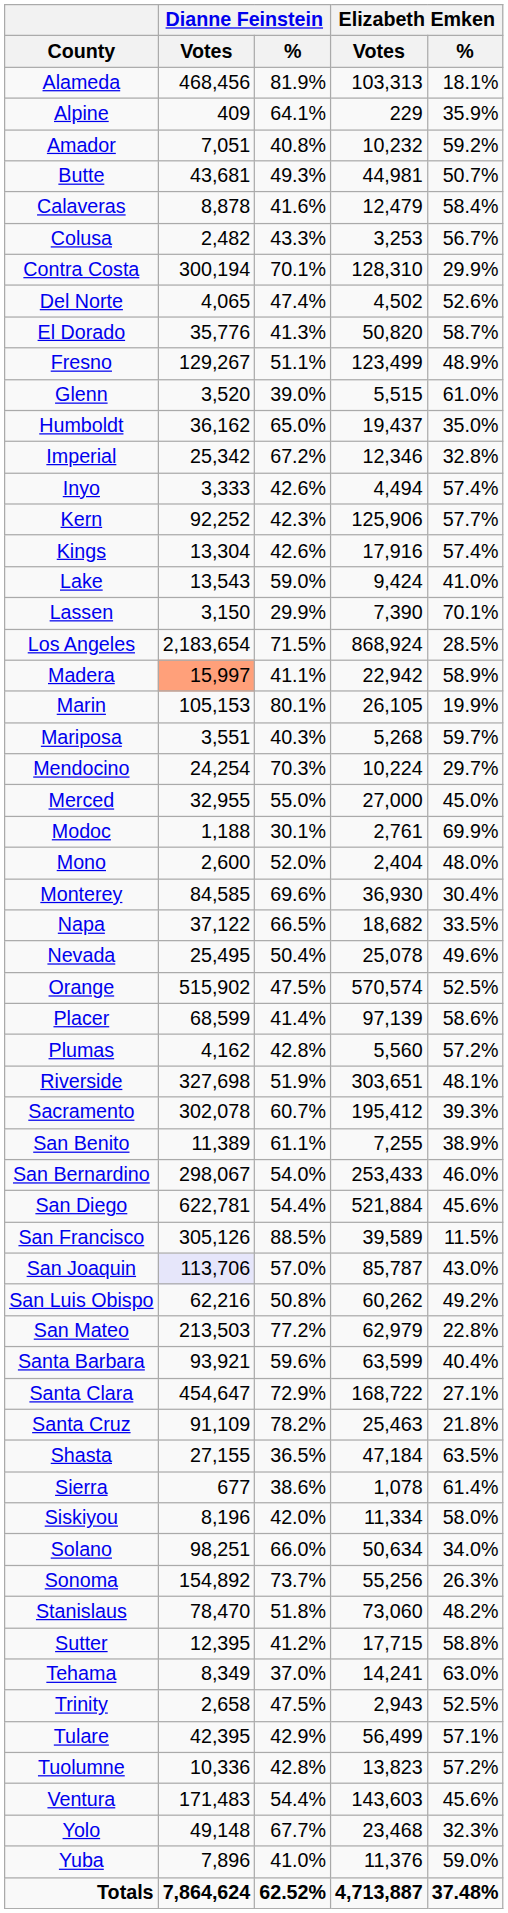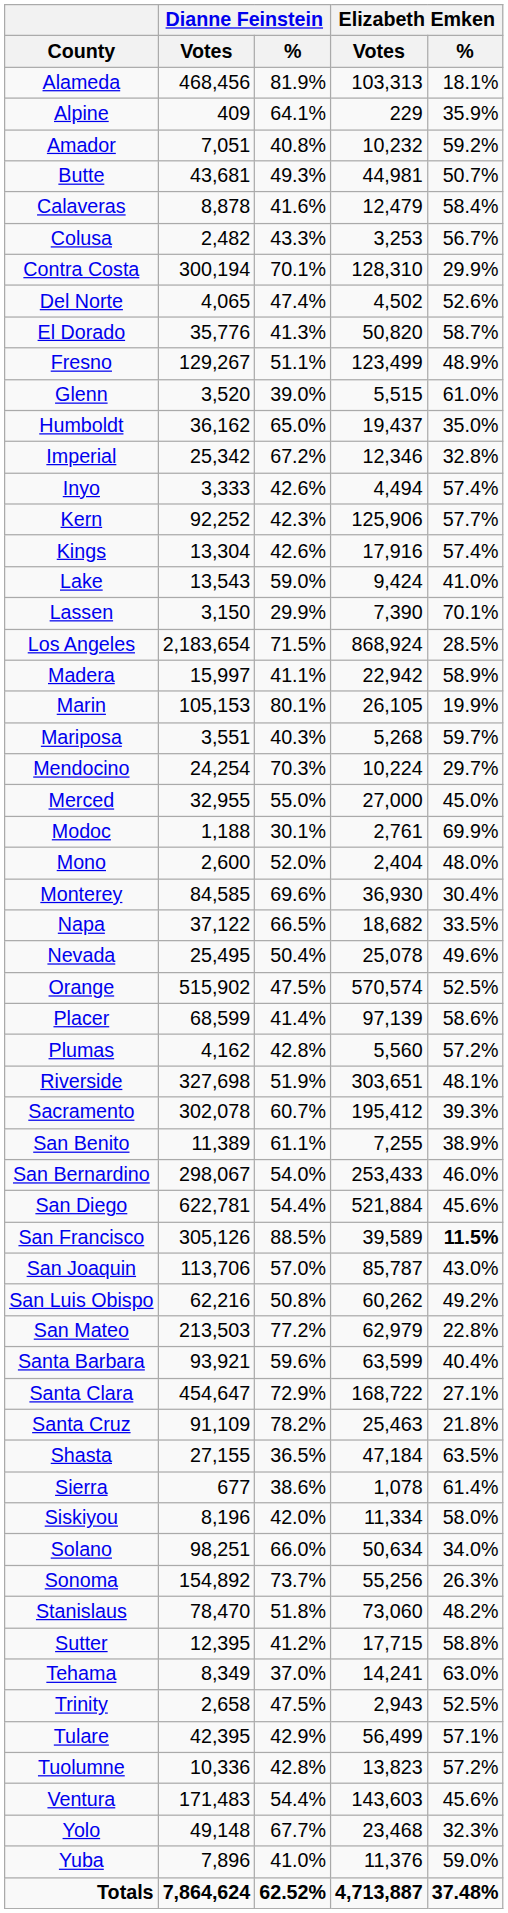 <table class="wikitable sortable" style="text-align:right">
 <tr>
 <th colspan=1></th>
 <th style="text-align:center;" colspan="2"><a href='#'>Dianne Feinstein</a></th>
 <th style="text-align:center;" colspan="2">Elizabeth Emken</th>
 </tr>
 <tr>
 <th align=center>County</th>
 <th style="text-align:center;" data-sort-type="number">Votes</th>
 <th style="text-align:center;" data-sort-type="number">%</th>
 <th style="text-align:center;" data-sort-type="number">Votes</th>
 <th style="text-align:center;" data-sort-type="number">%</th>
 </tr>
 <tr>
 <td align="center" ><a href='#'>Alameda</a></td>
 <td>468,456</td>
 <td>81.9%</td>
 <td>103,313</td>
 <td>18.1%</td>
 </tr>
 <tr>
 <td align="center" ><a href='#'>Alpine</a></td>
 <td>409</td>
 <td>64.1%</td>
 <td>229</td>
 <td>35.9%</td>
 </tr>
 <tr>
 <td align="center" ><a href='#'>Amador</a></td>
 <td>7,051</td>
 <td>40.8%</td>
 <td>10,232</td>
 <td>59.2%</td>
 </tr>
 <tr>
 <td align="center" ><a href='#'>Butte</a></td>
 <td>43,681</td>
 <td>49.3%</td>
 <td>44,981</td>
 <td>50.7%</td>
 </tr>
 <tr>
 <td align="center" ><a href='#'>Calaveras</a></td>
 <td>8,878</td>
 <td>41.6%</td>
 <td>12,479</td>
 <td>58.4%</td>
 </tr>
 <tr>
 <td align="center" ><a href='#'>Colusa</a></td>
 <td>2,482</td>
 <td>43.3%</td>
 <td>3,253</td>
 <td>56.7%</td>
 </tr>
 <tr>
 <td align="center" ><a href='#'>Contra Costa</a></td>
 <td>300,194</td>
 <td>70.1%</td>
 <td>128,310</td>
 <td>29.9%</td>
 </tr>
 <tr>
 <td align="center" ><a href='#'>Del Norte</a></td>
 <td>4,065</td>
 <td>47.4%</td>
 <td>4,502</td>
 <td>52.6%</td>
 </tr>
 <tr>
 <td align="center" ><a href='#'>El Dorado</a></td>
 <td>35,776</td>
 <td>41.3%</td>
 <td>50,820</td>
 <td>58.7%</td>
 </tr>
 <tr>
 <td align="center" ><a href='#'>Fresno</a></td>
 <td>129,267</td>
 <td>51.1%</td>
 <td>123,499</td>
 <td>48.9%</td>
 </tr>
 <tr>
 <td align="center" ><a href='#'>Glenn</a></td>
 <td>3,520</td>
 <td>39.0%</td>
 <td>5,515</td>
 <td>61.0%</td>
 </tr>
 <tr>
 <td align="center" ><a href='#'>Humboldt</a></td>
 <td>36,162</td>
 <td>65.0%</td>
 <td>19,437</td>
 <td>35.0%</td>
 </tr>
 <tr>
 <td align="center" ><a href='#'>Imperial</a></td>
 <td>25,342</td>
 <td>67.2%</td>
 <td>12,346</td>
 <td>32.8%</td>
 </tr>
 <tr>
 <td align="center" ><a href='#'>Inyo</a></td>
 <td>3,333</td>
 <td>42.6%</td>
 <td>4,494</td>
 <td>57.4%</td>
 </tr>
 <tr>
 <td align="center" ><a href='#'>Kern</a></td>
 <td>92,252</td>
 <td>42.3%</td>
 <td>125,906</td>
 <td>57.7%</td>
 </tr>
 <tr>
 <td align="center" ><a href='#'>Kings</a></td>
 <td>13,304</td>
 <td>42.6%</td>
 <td>17,916</td>
 <td>57.4%</td>
 </tr>
 <tr>
 <td align="center" ><a href='#'>Lake</a></td>
 <td>13,543</td>
 <td>59.0%</td>
 <td>9,424</td>
 <td>41.0%</td>
 </tr>
 <tr>
 <td align="center" ><a href='#'>Lassen</a></td>
 <td>3,150</td>
 <td>29.9%</td>
 <td>7,390</td>
 <td>70.1%</td>
 </tr>
 <tr>
 <td align="center" ><a href='#'>Los Angeles</a></td>
 <td>2,183,654</td>
 <td>71.5%</td>
 <td>868,924</td>
 <td>28.5%</td>
 </tr>
 <tr>
 <td align="center" ><a href='#'>Madera</a></td>
-<td style="background: lightsalmon;">15,997</td>
+<td>15,997</td>
 <td>41.1%</td>
 <td>22,942</td>
 <td>58.9%</td>
 </tr>
 <tr>
 <td align="center" ><a href='#'>Marin</a></td>
 <td>105,153</td>
 <td>80.1%</td>
 <td>26,105</td>
 <td>19.9%</td>
 </tr>
 <tr>
 <td align="center" ><a href='#'>Mariposa</a></td>
 <td>3,551</td>
 <td>40.3%</td>
 <td>5,268</td>
 <td>59.7%</td>
 </tr>
 <tr>
 <td align="center" ><a href='#'>Mendocino</a></td>
 <td>24,254</td>
 <td>70.3%</td>
 <td>10,224</td>
 <td>29.7%</td>
 </tr>
 <tr>
 <td align="center" ><a href='#'>Merced</a></td>
 <td>32,955</td>
 <td>55.0%</td>
 <td>27,000</td>
 <td>45.0%</td>
 </tr>
 <tr>
 <td align="center" ><a href='#'>Modoc</a></td>
 <td>1,188</td>
 <td>30.1%</td>
 <td>2,761</td>
 <td>69.9%</td>
 </tr>
 <tr>
 <td align="center" ><a href='#'>Mono</a></td>
 <td>2,600</td>
 <td>52.0%</td>
 <td>2,404</td>
 <td>48.0%</td>
 </tr>
 <tr>
 <td align="center" ><a href='#'>Monterey</a></td>
 <td>84,585</td>
 <td>69.6%</td>
 <td>36,930</td>
 <td>30.4%</td>
 </tr>
 <tr>
 <td align="center" ><a href='#'>Napa</a></td>
 <td>37,122</td>
 <td>66.5%</td>
 <td>18,682</td>
 <td>33.5%</td>
 </tr>
 <tr>
 <td align="center" ><a href='#'>Nevada</a></td>
 <td>25,495</td>
 <td>50.4%</td>
 <td>25,078</td>
 <td>49.6%</td>
 </tr>
 <tr>
 <td align="center" ><a href='#'>Orange</a></td>
 <td>515,902</td>
 <td>47.5%</td>
 <td>570,574</td>
 <td>52.5%</td>
 </tr>
 <tr>
 <td align="center" ><a href='#'>Placer</a></td>
 <td>68,599</td>
 <td>41.4%</td>
 <td>97,139</td>
 <td>58.6%</td>
 </tr>
 <tr>
 <td align="center" ><a href='#'>Plumas</a></td>
 <td>4,162</td>
 <td>42.8%</td>
 <td>5,560</td>
 <td>57.2%</td>
 </tr>
 <tr>
 <td align="center" ><a href='#'>Riverside</a></td>
 <td>327,698</td>
 <td>51.9%</td>
 <td>303,651</td>
 <td>48.1%</td>
 </tr>
 <tr>
 <td align="center" ><a href='#'>Sacramento</a></td>
 <td>302,078</td>
 <td>60.7%</td>
 <td>195,412</td>
 <td>39.3%</td>
 </tr>
 <tr>
 <td align="center" ><a href='#'>San Benito</a></td>
 <td>11,389</td>
 <td>61.1%</td>
 <td>7,255</td>
 <td>38.9%</td>
 </tr>
 <tr>
 <td align="center" ><a href='#'>San Bernardino</a></td>
 <td>298,067</td>
 <td>54.0%</td>
 <td>253,433</td>
 <td>46.0%</td>
 </tr>
 <tr>
 <td align="center" ><a href='#'>San Diego</a></td>
 <td>622,781</td>
 <td>54.4%</td>
 <td>521,884</td>
 <td>45.6%</td>
 </tr>
 <tr>
 <td align="center" ><a href='#'>San Francisco</a></td>
 <td>305,126</td>
 <td>88.5%</td>
 <td>39,589</td>
-<td>11.5%</td>
+<td><strong>11.5%</strong></td>
 </tr>
 <tr>
 <td align="center" ><a href='#'>San Joaquin</a></td>
-<td style="background: lavender;">113,706</td>
+<td>113,706</td>
 <td>57.0%</td>
 <td>85,787</td>
 <td>43.0%</td>
 </tr>
 <tr>
 <td align="center" ><a href='#'>San Luis Obispo</a></td>
 <td>62,216</td>
 <td>50.8%</td>
 <td>60,262</td>
 <td>49.2%</td>
 </tr>
 <tr>
 <td align="center" ><a href='#'>San Mateo</a></td>
 <td>213,503</td>
 <td>77.2%</td>
 <td>62,979</td>
 <td>22.8%</td>
 </tr>
 <tr>
 <td align="center" ><a href='#'>Santa Barbara</a></td>
 <td>93,921</td>
 <td>59.6%</td>
 <td>63,599</td>
 <td>40.4%</td>
 </tr>
 <tr>
 <td align="center" ><a href='#'>Santa Clara</a></td>
 <td>454,647</td>
 <td>72.9%</td>
 <td>168,722</td>
 <td>27.1%</td>
 </tr>
 <tr>
 <td align="center" ><a href='#'>Santa Cruz</a></td>
 <td>91,109</td>
 <td>78.2%</td>
 <td>25,463</td>
 <td>21.8%</td>
 </tr>
 <tr>
 <td align="center" ><a href='#'>Shasta</a></td>
 <td>27,155</td>
 <td>36.5%</td>
 <td>47,184</td>
 <td>63.5%</td>
 </tr>
 <tr>
 <td align="center" ><a href='#'>Sierra</a></td>
 <td>677</td>
 <td>38.6%</td>
 <td>1,078</td>
 <td>61.4%</td>
 </tr>
 <tr>
 <td align="center" ><a href='#'>Siskiyou</a></td>
 <td>8,196</td>
 <td>42.0%</td>
 <td>11,334</td>
 <td>58.0%</td>
 </tr>
 <tr>
 <td align="center" ><a href='#'>Solano</a></td>
 <td>98,251</td>
 <td>66.0%</td>
 <td>50,634</td>
 <td>34.0%</td>
 </tr>
 <tr>
 <td align="center" ><a href='#'>Sonoma</a></td>
 <td>154,892</td>
 <td>73.7%</td>
 <td>55,256</td>
 <td>26.3%</td>
 </tr>
 <tr>
 <td align="center" ><a href='#'>Stanislaus</a></td>
 <td>78,470</td>
 <td>51.8%</td>
 <td>73,060</td>
 <td>48.2%</td>
 </tr>
 <tr>
 <td align="center" ><a href='#'>Sutter</a></td>
 <td>12,395</td>
 <td>41.2%</td>
 <td>17,715</td>
 <td>58.8%</td>
 </tr>
 <tr>
 <td align="center" ><a href='#'>Tehama</a></td>
 <td>8,349</td>
 <td>37.0%</td>
 <td>14,241</td>
 <td>63.0%</td>
 </tr>
 <tr>
 <td align="center" ><a href='#'>Trinity</a></td>
 <td>2,658</td>
 <td>47.5%</td>
 <td>2,943</td>
 <td>52.5%</td>
 </tr>
 <tr>
 <td align="center" ><a href='#'>Tulare</a></td>
 <td>42,395</td>
 <td>42.9%</td>
 <td>56,499</td>
 <td>57.1%</td>
 </tr>
 <tr>
 <td align="center" ><a href='#'>Tuolumne</a></td>
 <td>10,336</td>
 <td>42.8%</td>
 <td>13,823</td>
 <td>57.2%</td>
 </tr>
 <tr>
 <td align="center" ><a href='#'>Ventura</a></td>
 <td>171,483</td>
 <td>54.4%</td>
 <td>143,603</td>
 <td>45.6%</td>
 </tr>
 <tr>
 <td align="center" ><a href='#'>Yolo</a></td>
 <td>49,148</td>
 <td>67.7%</td>
 <td>23,468</td>
 <td>32.3%</td>
 </tr>
 <tr>
 <td align="center" ><a href='#'>Yuba</a></td>
 <td>7,896</td>
 <td>41.0%</td>
 <td>11,376</td>
 <td>59.0%</td>
 </tr>
 <tr class="sortbottom">
 <td><strong>Totals</strong></td>
 <td><strong>7,864,624</strong></td>
 <td><strong>62.52%</strong></td>
 <td><strong>4,713,887</strong></td>
 <td><strong>37.48%</strong></td>
 </tr>
 </table>
